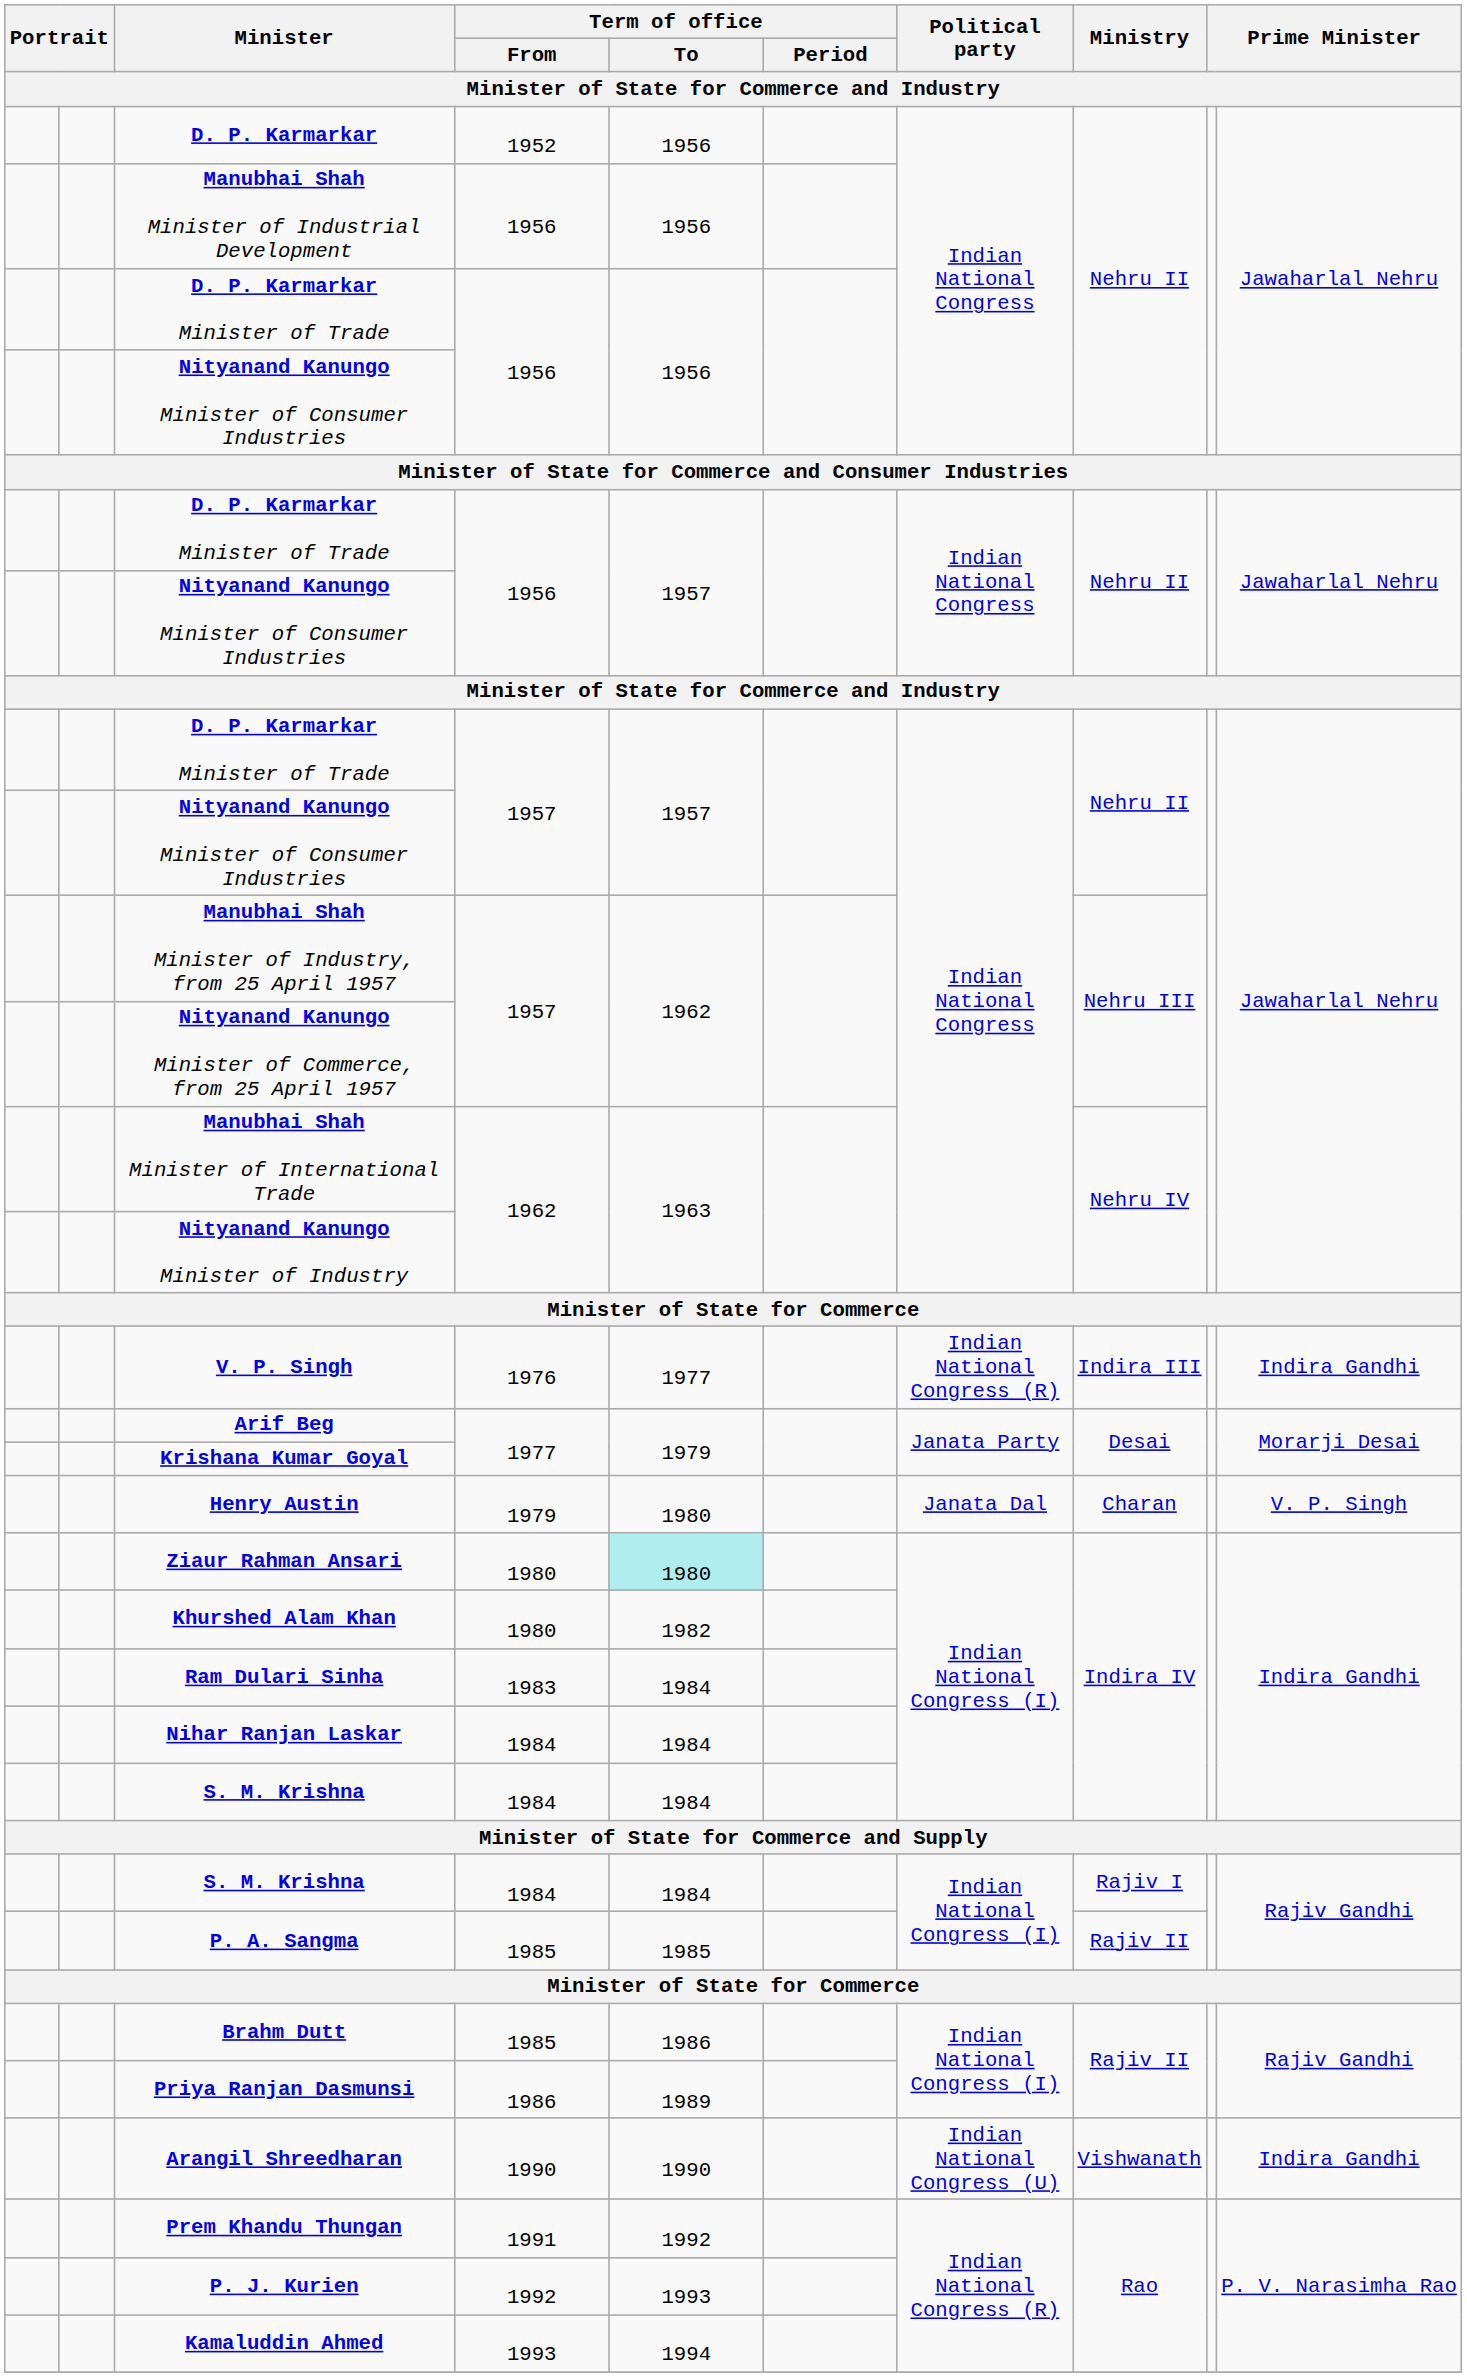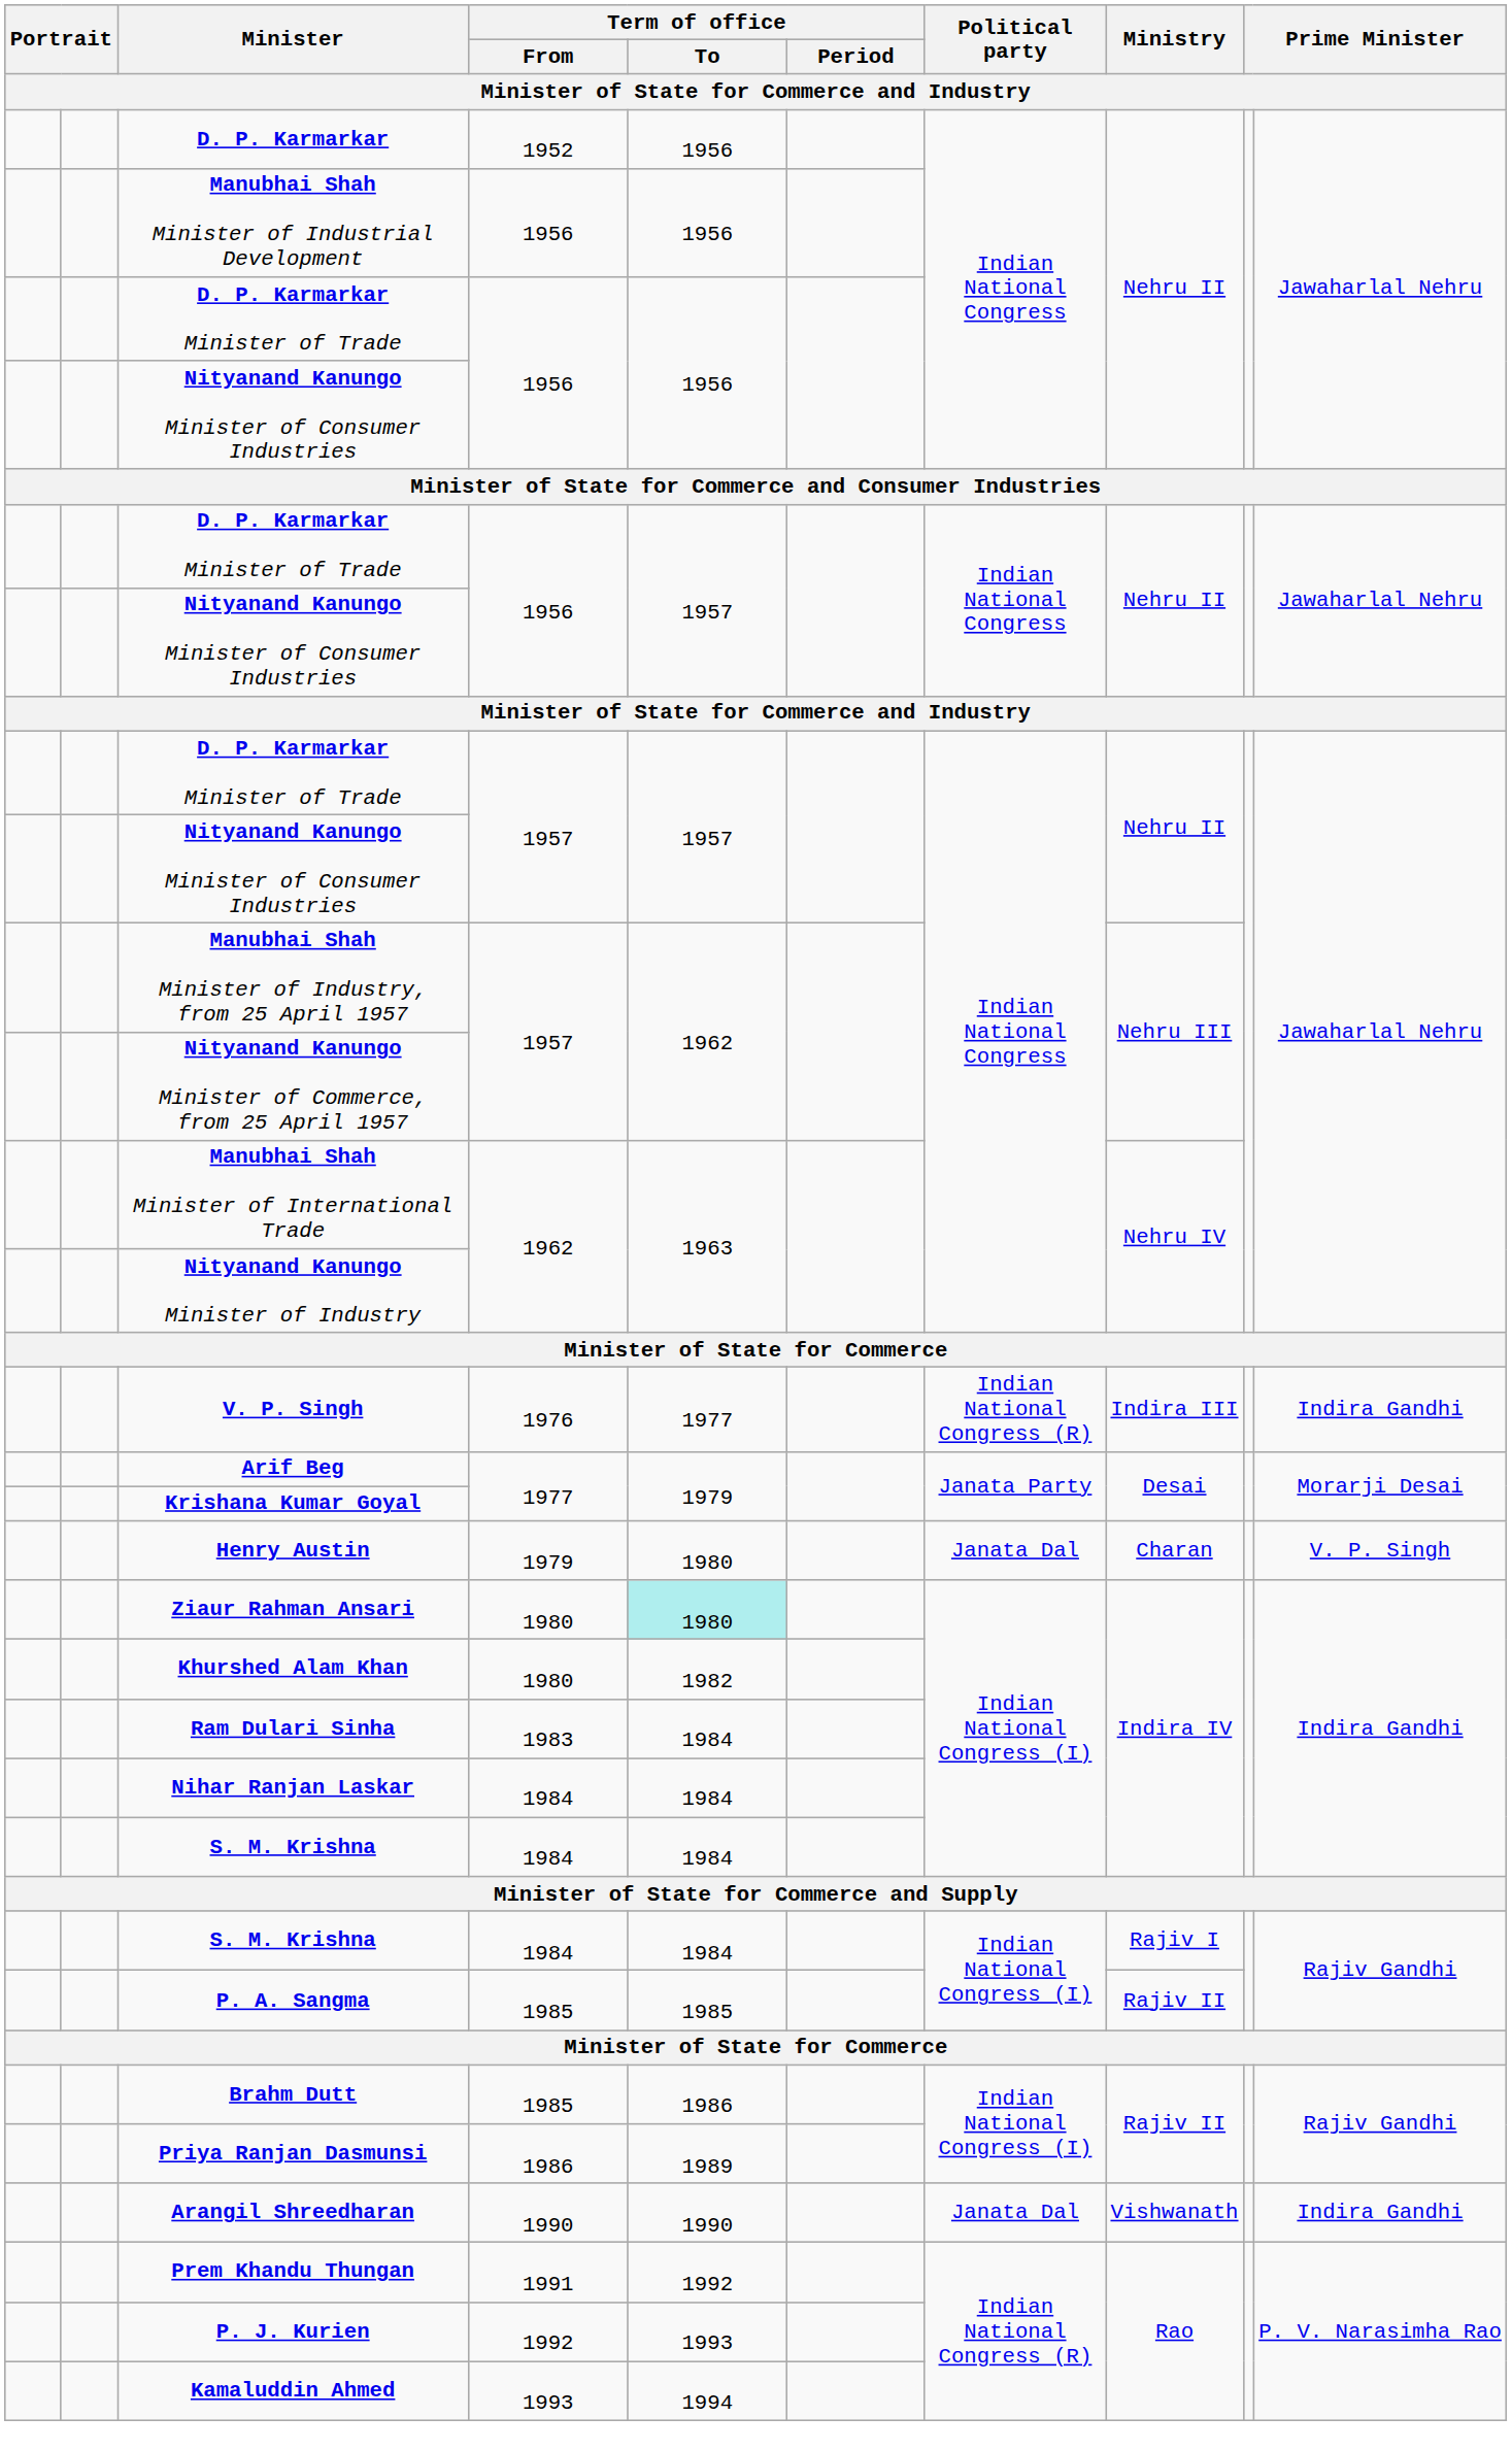 <table class="wikitable" style="text-align:center">
 <tr>
 <th rowspan="2" colspan="2">Portrait</th>
 <th rowspan="2" style="width:16em">Minister<br></th>
 <th colspan="3">Term of office</th>
 <th rowspan="2" style="width:8em">Political party</th>
 <th rowspan="2">Ministry</th>
 <th rowspan="2" colspan="2">Prime Minister</th>
 </tr>
 <tr>
 <th style="width:7em">From</th>
 <th style="width:7em">To</th>
 <th style="width:6em">Period</th>
 </tr>
 <tr>
 <th colspan="10">Minister of State for Commerce and Industry</th>
 </tr>
 <tr>
 <td></td>
 <td></td>
 <td><strong><a href='#'>D. P. Karmarkar</a></strong><br></td>
 <td><br>1952</td>
 <td><br>1956</td>
 <td><strong></strong></td>
 <td rowspan="4"><a href='#'>Indian National Congress</a></td>
 <td rowspan="4"><a href='#'>Nehru II</a></td>
 <td rowspan="4"></td>
 <td rowspan="4"><a href='#'>Jawaharlal Nehru</a></td>
 </tr>
 <tr>
 <td></td>
 <td></td>
 <td><strong><a href='#'>Manubhai Shah</a></strong><br><br><em>Minister of Industrial Development</em></td>
 <td><br>1956</td>
 <td><br>1956</td>
 <td><strong></strong></td>
 </tr>
 <tr>
 <td></td>
 <td></td>
 <td><strong><a href='#'>D. P. Karmarkar</a></strong><br><br><em>Minister of Trade</em></td>
 <td rowspan="2"><br>1956</td>
 <td rowspan="2"><br>1956</td>
 <td rowspan="2"><strong></strong></td>
 </tr>
 <tr>
 <td></td>
 <td></td>
 <td><strong><a href='#'>Nityanand Kanungo</a></strong><br><br><em>Minister of Consumer Industries</em></td>
 </tr>
 <tr>
 <th colspan="10">Minister of State for Commerce and Consumer Industries</th>
 </tr>
 <tr>
 <td></td>
 <td></td>
 <td><strong><a href='#'>D. P. Karmarkar</a></strong><br><br><em>Minister of Trade</em></td>
 <td rowspan="2"><br>1956</td>
 <td rowspan="2"><br>1957</td>
 <td rowspan="2"><strong></strong></td>
 <td rowspan="2"><a href='#'>Indian National Congress</a></td>
 <td rowspan="2"><a href='#'>Nehru II</a></td>
 <td rowspan="2"></td>
 <td rowspan="2"><a href='#'>Jawaharlal Nehru</a></td>
 </tr>
 <tr>
 <td></td>
 <td></td>
 <td><strong><a href='#'>Nityanand Kanungo</a></strong><br><br><em>Minister of Consumer Industries</em></td>
 </tr>
 <tr>
 <th colspan="10">Minister of State for Commerce and Industry</th>
 </tr>
 <tr>
 <td></td>
 <td></td>
 <td><strong><a href='#'>D. P. Karmarkar</a></strong><br><br><em>Minister of Trade</em></td>
 <td rowspan="2"><br>1957</td>
 <td rowspan="2"><br>1957</td>
 <td rowspan="2"><strong></strong></td>
 <td rowspan="6"><a href='#'>Indian National Congress</a></td>
 <td rowspan="2"><a href='#'>Nehru II</a></td>
 <td rowspan="6"></td>
 <td rowspan="6"><a href='#'>Jawaharlal Nehru</a></td>
 </tr>
 <tr>
 <td></td>
 <td></td>
 <td><strong><a href='#'>Nityanand Kanungo</a></strong><br><br><em>Minister of Consumer Industries</em></td>
 </tr>
 <tr>
 <td></td>
 <td></td>
 <td><strong><a href='#'>Manubhai Shah</a></strong><br><br><em>Minister of Industry,<br>from 25 April 1957</em></td>
 <td rowspan="2"><br>1957</td>
 <td rowspan="2"><br>1962</td>
 <td rowspan="2"><strong></strong></td>
 <td rowspan="2"><a href='#'>Nehru III</a></td>
 </tr>
 <tr>
 <td></td>
 <td></td>
 <td><strong><a href='#'>Nityanand Kanungo</a></strong><br><br><em>Minister of Commerce,<br>from 25 April 1957</em></td>
 </tr>
 <tr>
 <td></td>
 <td></td>
 <td><strong><a href='#'>Manubhai Shah</a></strong><br><br><em>Minister of International Trade</em></td>
 <td rowspan="2"><br>1962</td>
 <td rowspan="2"><br>1963</td>
 <td rowspan="2"><strong></strong></td>
 <td rowspan="2"><a href='#'>Nehru IV</a></td>
 </tr>
 <tr>
 <td></td>
 <td></td>
 <td><strong><a href='#'>Nityanand Kanungo</a></strong><br><br><em>Minister of Industry</em></td>
 </tr>
 <tr>
 <th colspan="10">Minister of State for Commerce</th>
 </tr>
 <tr>
 <td></td>
 <td></td>
 <td><strong><a href='#'>V. P. Singh</a></strong><br></td>
 <td><br>1976</td>
 <td><br>1977</td>
 <td><strong></strong></td>
 <td><a href='#'>Indian National Congress (R)</a></td>
 <td><a href='#'>Indira III</a></td>
 <td></td>
 <td><a href='#'>Indira Gandhi</a></td>
 </tr>
 <tr>
 <td></td>
 <td></td>
 <td><strong><a href='#'>Arif Beg</a></strong><br></td>
 <td rowspan="2"><br>1977</td>
 <td rowspan="2"><br>1979</td>
 <td rowspan="2"><strong></strong></td>
 <td rowspan="2"><a href='#'>Janata Party</a></td>
 <td rowspan="2"><a href='#'>Desai</a></td>
 <td rowspan="2"></td>
 <td rowspan="2"><a href='#'>Morarji Desai</a></td>
 </tr>
 <tr>
 <td></td>
 <td></td>
 <td><strong><a href='#'>Krishana Kumar Goyal</a></strong><br></td>
 </tr>
 <tr>
 <td></td>
 <td></td>
 <td><strong><a href='#'>Henry Austin</a></strong><br></td>
 <td><br>1979</td>
 <td><br>1980</td>
 <td><strong></strong></td>
 <td><a href='#'>Janata Dal</a></td>
 <td><a href='#'>Charan</a></td>
 <td></td>
 <td><a href='#'>V. P. Singh</a></td>
 </tr>
 <tr>
 <td></td>
 <td></td>
 <td><strong><a href='#'>Ziaur Rahman Ansari</a></strong><br></td>
 <td><br>1980</td>
 <td style="background: paleturquoise;"><br>1980</td>
 <td><strong></strong></td>
 <td rowspan="5"><a href='#'>Indian National Congress (I)</a></td>
 <td rowspan="5"><a href='#'>Indira IV</a></td>
 <td rowspan="5"></td>
 <td rowspan="5"><a href='#'>Indira Gandhi</a></td>
 </tr>
 <tr>
 <td></td>
 <td></td>
 <td><strong><a href='#'>Khurshed Alam Khan</a></strong><br></td>
 <td><br>1980</td>
 <td><br>1982</td>
 <td><strong></strong></td>
 </tr>
 <tr>
 <td></td>
 <td></td>
 <td><strong><a href='#'>Ram Dulari Sinha</a></strong><br></td>
 <td><br>1983</td>
 <td><br>1984</td>
 <td><strong></strong></td>
 </tr>
 <tr>
 <td></td>
 <td></td>
 <td><strong><a href='#'>Nihar Ranjan Laskar</a></strong><br></td>
 <td><br>1984</td>
 <td><br>1984</td>
 <td><strong></strong></td>
 </tr>
 <tr>
 <td></td>
 <td></td>
 <td><strong><a href='#'>S. M. Krishna</a></strong><br></td>
 <td><br>1984</td>
 <td><br>1984</td>
 <td><strong></strong></td>
 </tr>
 <tr>
 <th colspan="10">Minister of State for Commerce and Supply</th>
 </tr>
 <tr>
 <td></td>
 <td></td>
 <td><strong><a href='#'>S. M. Krishna</a></strong><br></td>
 <td><br>1984</td>
 <td><br>1984</td>
 <td><strong></strong></td>
 <td rowspan="2"><a href='#'>Indian National Congress (I)</a></td>
 <td><a href='#'>Rajiv I</a></td>
 <td rowspan="2"></td>
 <td rowspan="2"><a href='#'>Rajiv Gandhi</a></td>
 </tr>
 <tr>
 <td></td>
 <td></td>
 <td><strong><a href='#'>P. A. Sangma</a></strong><br></td>
 <td><br>1985</td>
 <td><br>1985</td>
 <td><strong></strong></td>
 <td><a href='#'>Rajiv II</a></td>
 </tr>
 <tr>
 <th colspan="10">Minister of State for Commerce</th>
 </tr>
 <tr>
 <td></td>
 <td></td>
 <td><strong><a href='#'>Brahm Dutt</a></strong><br></td>
 <td><br>1985</td>
 <td><br>1986</td>
 <td><strong></strong></td>
 <td rowspan="2"><a href='#'>Indian National Congress (I)</a></td>
 <td rowspan="2"><a href='#'>Rajiv II</a></td>
 <td rowspan="2"></td>
 <td rowspan="2"><a href='#'>Rajiv Gandhi</a></td>
 </tr>
 <tr>
 <td></td>
 <td></td>
 <td><strong><a href='#'>Priya Ranjan Dasmunsi</a></strong><br></td>
 <td><br>1986</td>
 <td><br>1989</td>
 <td><strong></strong></td>
 </tr>
 <tr>
 <td style="background:"></td>
 <td></td>
 <td><strong><a href='#'>Arangil Shreedharan</a></strong><br></td>
 <td><br>1990</td>
 <td><br>1990</td>
 <td><strong></strong></td>
-<td><a href='#'>Indian National Congress (U)</a></td>
+<td><a href='#'>Janata Dal</a></td>
 <td><a href='#'>Vishwanath</a></td>
 <td style="background:"></td>
 <td><a href='#'>Indira Gandhi</a></td>
 </tr>
 <tr>
 <td></td>
 <td></td>
 <td><strong><a href='#'>Prem Khandu Thungan</a></strong><br></td>
 <td><br>1991</td>
 <td><br>1992</td>
 <td><strong></strong></td>
 <td rowspan="3"><a href='#'>Indian National Congress (R)</a></td>
 <td rowspan="3"><a href='#'>Rao</a></td>
 <td rowspan="3"></td>
 <td rowspan="3"><a href='#'>P. V. Narasimha Rao</a></td>
 </tr>
 <tr>
 <td></td>
 <td></td>
 <td><strong><a href='#'>P. J. Kurien</a></strong><br></td>
 <td><br>1992</td>
 <td><br>1993</td>
 <td><strong></strong></td>
 </tr>
 <tr>
 <td></td>
 <td></td>
 <td><strong><a href='#'>Kamaluddin Ahmed</a></strong><br></td>
 <td><br>1993</td>
 <td><br>1994</td>
 <td><strong></strong></td>
 </tr>
 <tr>
 </tr>
 </table>
